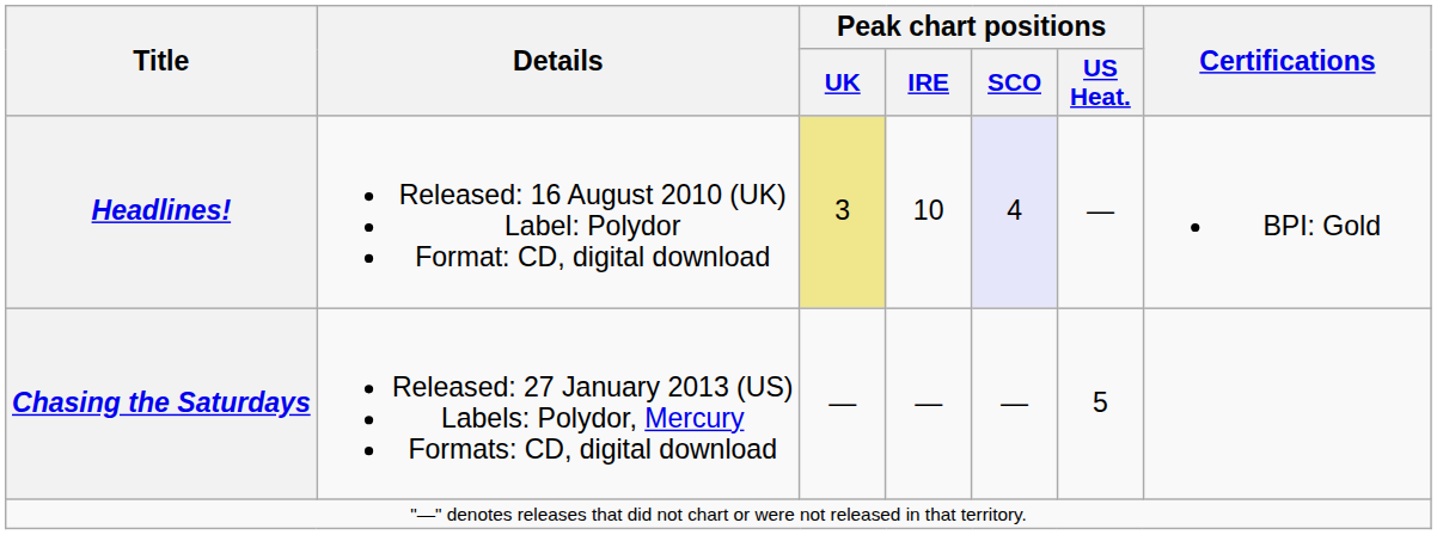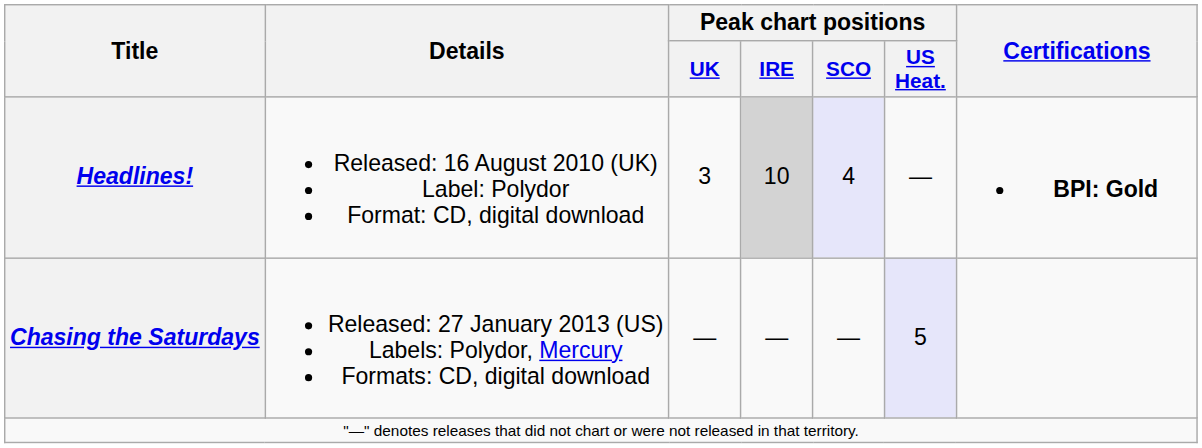 <table class="wikitable plainrowheaders" style="text-align:center;">
 <tr>
 <th scope="col" rowspan="2">Title</th>
 <th scope="col" rowspan="2">Details</th>
 <th scope="col" colspan="4">Peak chart positions</th>
 <th scope="col" rowspan="2" style="width:10em;"><a href='#'>Certifications</a></th>
 </tr>
 <tr>
 <th scope="col" style="width:3em;font-size:90%;"><a href='#'>UK</a><br></th>
 <th scope="col" style="width:3em;font-size:90%;"><a href='#'>IRE</a><br></th>
 <th scope="col" style="width:3em;font-size:90%;"><a href='#'>SCO</a><br></th>
 <th scope="col" style="width:3em;font-size:90%;"><a href='#'>US<br>Heat.</a><br></th>
 </tr>
 <tr>
 <th scope="row"><em><a href='#'>Headlines!</a></em></th>
 <td><br><ul><li>Released: 16 August 2010 <span>(UK)</span></li><li>Label: Polydor</li><li>Format: CD, digital download</li></ul></td>
-<td style="background: khaki;">3</td>
-<td>10</td>
+<td>3</td>
+<td style="background: lightgrey;">10</td>
 <td style="background: lavender;">4</td>
 <td>—</td>
-<td><br><ul><li>BPI: Gold</li></ul></td>
+<td><strong><br><ul><li>BPI: Gold</li></ul></strong></td>
 </tr>
 <tr>
 <th scope="row"><em><a href='#'>Chasing the Saturdays</a></em></th>
 <td><br><ul><li>Released: 27 January 2013 <span>(US)</span></li><li>Labels: Polydor, <a href='#'>Mercury</a></li><li>Formats: CD, digital download</li></ul></td>
 <td>—</td>
 <td>—</td>
 <td>—</td>
-<td>5</td>
+<td style="background: lavender;">5</td>
 <td></td>
 </tr>
 <tr>
 <td colspan="14" style="font-size:8pt">"—" denotes releases that did not chart or were not released in that territory.</td>
 </tr>
 </table>
